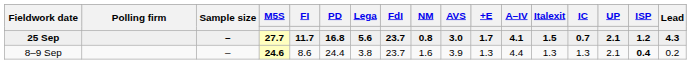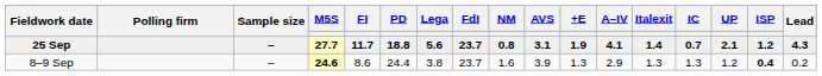 <table class="wikitable mw-collapsible" style="text-align:center;font-size:85%;line-height:13px">
 <tr style="height:30px; background-color:#8B8B8B">
 <th rowspan="2" style="width:100px;">Fieldwork date</th>
 <th rowspan="2" style="width:150px;">Polling firm</th>
 <th rowspan="2" style="width:80px;">Sample size</th>
 <th style="width:35px;"><a href='#'>M5S</a></th>
 <th style="width:35px;"><a href='#'>FI</a></th>
 <th style="width:35px;"><a href='#'>PD</a></th>
 <th style="width:35px;"><a href='#'>Lega</a></th>
 <th style="width:35px;"><a href='#'>FdI</a></th>
 <th style="width:35px;"><a href='#'>NM</a></th>
 <th style="width:35px;"><a href='#'>AVS</a></th>
 <th style="width:35px;"><a href='#'>+E</a></th>
 <th style="width:35px;"><a href='#'>A–IV</a></th>
 <th style="width:35px;"><a href='#'>Italexit</a></th>
 <th style="width:35px;"><a href='#'>IC</a></th>
 <th style="width:35px;"><a href='#'>UP</a></th>
 <th style="width:35px;"><a href='#'>ISP</a></th>
 <th rowspan="2" style="width:25px;">Lead</th>
 </tr>
 <tr>
 <th style="background:"></th>
 <th style="background:"></th>
 <th style="background:"></th>
 <th style="background:"></th>
 <th style="background:"></th>
 <th style="background:"></th>
 <th style="background:"></th>
 <th style="background:"></th>
 <th style="background:"></th>
 <th style="background:"></th>
 <th style="background:"></th>
 <th style="background:"></th>
 <th style="background:"></th>
 </tr>
 <tr style="background:#EFEFEF; font-weight:bold;">
 <td>25 Sep</td>
 <td> </td>
 <td>–</td>
 <td style="background:#FFFFBF"><strong>27.7</strong></td>
 <td>11.7</td>
-<td>16.8</td>
+<td>18.8</td>
 <td>5.6</td>
 <td>23.7</td>
 <td>0.8</td>
-<td>3.0</td>
-<td>1.7</td>
+<td>3.1</td>
+<td>1.9</td>
 <td>4.1</td>
-<td>1.5</td>
+<td>1.4</td>
 <td>0.7</td>
 <td>2.1</td>
 <td>1.2</td>
 <td style="background:">4.3</td>
 </tr>
 <tr>
 <td>8–9 Sep</td>
 <td></td>
 <td>–</td>
 <td style="background:#FFFFBF"><strong>24.6</strong></td>
 <td>8.6</td>
 <td>24.4</td>
 <td>3.8</td>
 <td>23.7</td>
 <td>1.6</td>
 <td>3.9</td>
 <td>1.3</td>
-<td>4.4</td>
+<td>2.9</td>
 <td>1.3</td>
 <td>1.3</td>
-<td>2.1</td>
+<td>1.2</td>
 <td><strong>0.4</strong></td>
 <td style="background:">0.2</td>
 </tr>
 </table>
